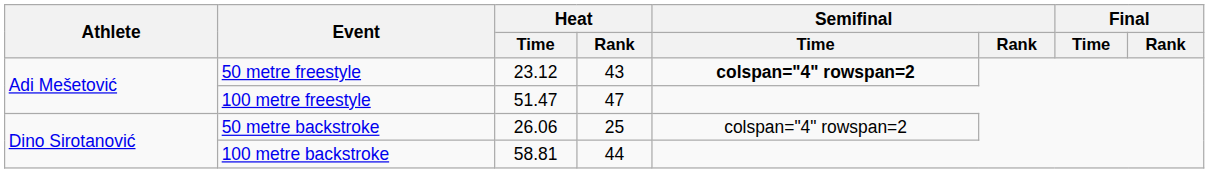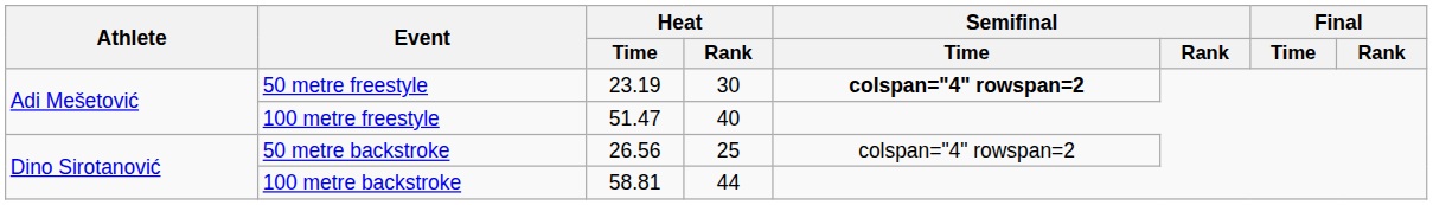 <table class="wikitable" style="text-align:center; font-size:90%; width:50%;">
 <tr>
 <th rowspan="2">Athlete</th>
 <th rowspan="2">Event</th>
 <th colspan="2">Heat</th>
 <th colspan="2">Semifinal</th>
 <th colspan="2">Final</th>
 </tr>
 <tr style="font-size:95%">
 <th>Time</th>
 <th>Rank</th>
 <th>Time</th>
 <th>Rank</th>
 <th>Time</th>
 <th>Rank</th>
 </tr>
 <tr>
 <td align=left rowspan=2><a href='#'>Adi Mešetović</a></td>
 <td align=left><a href='#'>50 metre freestyle</a></td>
-<td>23.12</td>
-<td>43</td>
+<td>23.19</td>
+<td>30</td>
 <td><strong>colspan="4" rowspan=2</strong></td>
 </tr>
 <tr>
 <td align=left><a href='#'>100 metre freestyle</a></td>
 <td>51.47</td>
-<td>47</td>
+<td>40</td>
 </tr>
 <tr>
 <td align=left rowspan=2><a href='#'>Dino Sirotanović</a></td>
 <td align=left><a href='#'>50 metre backstroke</a></td>
-<td>26.06</td>
+<td>26.56</td>
 <td>25</td>
 <td>colspan="4" rowspan=2</td>
 </tr>
 <tr>
 <td align=left><a href='#'>100 metre backstroke</a></td>
 <td>58.81</td>
 <td>44</td>
 </tr>
 </table>
